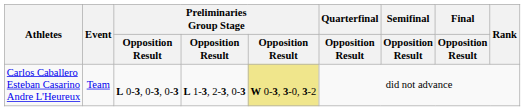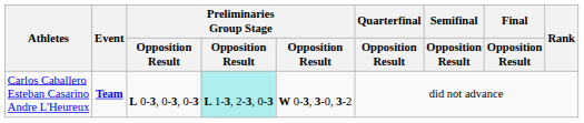 <table class="wikitable" border="1" style="font-size:90%">
 <tr>
 <th rowspan=2>Athletes</th>
 <th rowspan=2>Event</th>
 <th colspan=3>Preliminaries<br>Group Stage</th>
 <th>Quarterfinal</th>
 <th>Semifinal</th>
 <th>Final</th>
 <th rowspan=2>Rank</th>
 </tr>
 <tr>
 <th>Opposition<br>Result</th>
 <th>Opposition<br>Result</th>
 <th>Opposition<br>Result</th>
 <th>Opposition<br>Result</th>
 <th>Opposition<br>Result</th>
 <th>Opposition<br>Result</th>
 </tr>
 <tr>
 <td><a href='#'>Carlos Caballero</a><br><a href='#'>Esteban Casarino</a><br><a href='#'>Andre L'Heureux</a></td>
-<td align=center><a href='#'>Team</a></td>
+<td align=center><strong><a href='#'>Team</a></strong></td>
 <td><br><strong>L</strong> 0-<strong>3</strong>, 0-<strong>3</strong>, 0-<strong>3</strong></td>
-<td><br><strong>L</strong> 1-<strong>3</strong>, 2-<strong>3</strong>, 0-<strong>3</strong></td>
-<td style="background: khaki;"><br><strong>W</strong> 0-<strong>3</strong>, <strong>3</strong>-0, <strong>3</strong>-2</td>
+<td style="background: paleturquoise;"><br><strong>L</strong> 1-<strong>3</strong>, 2-<strong>3</strong>, 0-<strong>3</strong></td>
+<td><br><strong>W</strong> 0-<strong>3</strong>, <strong>3</strong>-0, <strong>3</strong>-2</td>
 <td align="center" colspan="7">did not advance</td>
 </tr>
 </table>
